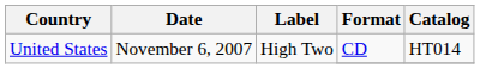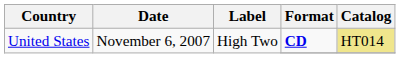 <table class="wikitable">
 <tr>
 <th>Country</th>
 <th>Date</th>
 <th>Label</th>
 <th>Format</th>
 <th>Catalog</th>
 </tr>
 <tr>
 <td rowspan=2><a href='#'>United States</a></td>
 <td rowspan=2>November 6, 2007</td>
 <td rowspan=2>High Two</td>
-<td><a href='#'>CD</a></td>
-<td>HT014</td>
+<td><strong><a href='#'>CD</a></strong></td>
+<td style="background: khaki;">HT014</td>
 </tr>
 <tr>
 </tr>
 </table>
